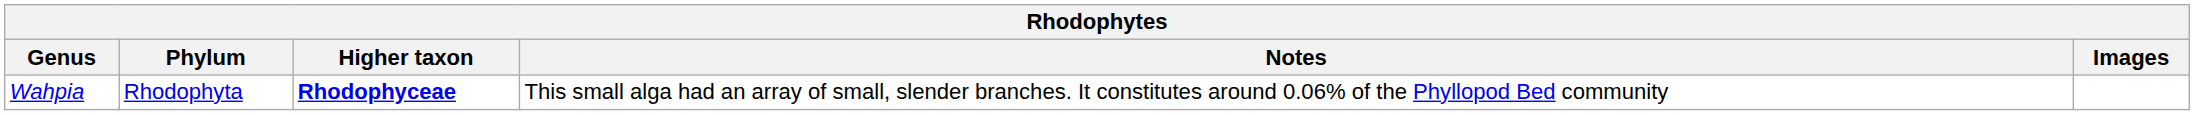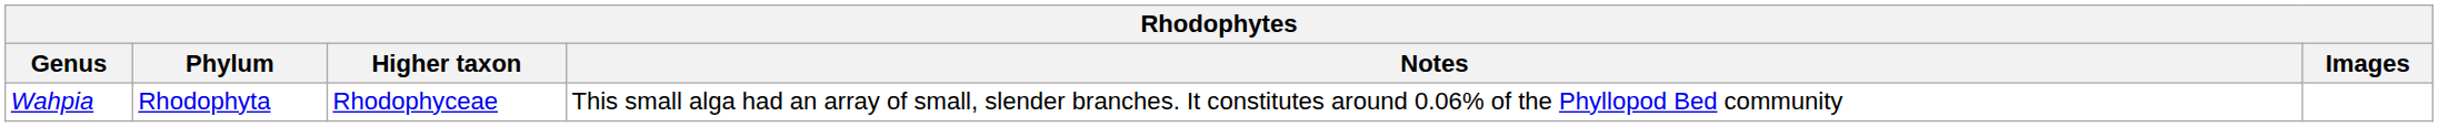 <table class="wikitable sortable" style="background:white; width:100%;">
 <tr>
 <th colspan="5" align="center"><strong>Rhodophytes</strong></th>
 </tr>
 <tr>
 <th>Genus</th>
 <th>Phylum</th>
 <th>Higher taxon</th>
 <th>Notes</th>
 <th>Images</th>
 </tr>
 <tr>
 <td><em><a href='#'>Wahpia</a></em></td>
 <td><a href='#'>Rhodophyta</a></td>
-<td><strong><a href='#'>Rhodophyceae</a></strong></td>
+<td><a href='#'>Rhodophyceae</a></td>
 <td>This small alga had an array of small, slender branches. It constitutes around 0.06% of the <a href='#'>Phyllopod Bed</a> community</td>
 <td></td>
 </tr>
 </table>
